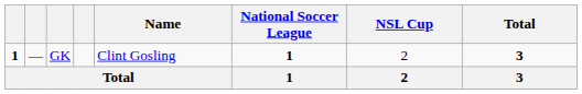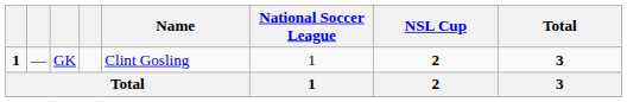 <table class="wikitable" style="text-align:center">
 <tr>
 <th width=15></th>
 <th width=15></th>
 <th width=15></th>
 <th width=15></th>
 <th width=145>Name</th>
 <th width=120><a href='#'>National Soccer League</a></th>
 <th width=120><a href='#'>NSL Cup</a></th>
 <th width=120>Total</th>
 </tr>
 <tr>
 <td><strong>1</strong></td>
 <td>—</td>
 <td><a href='#'>GK</a></td>
 <td></td>
 <td align=left><a href='#'>Clint Gosling</a></td>
-<td><strong>1</strong></td>
-<td>2</td>
+<td>1</td>
+<td><strong>2</strong></td>
 <td><strong>3</strong></td>
 </tr>
 <tr>
 <th colspan="5"><strong>Total</strong></th>
 <th>1</th>
 <th>2</th>
 <th>3</th>
 </tr>
 </table>
